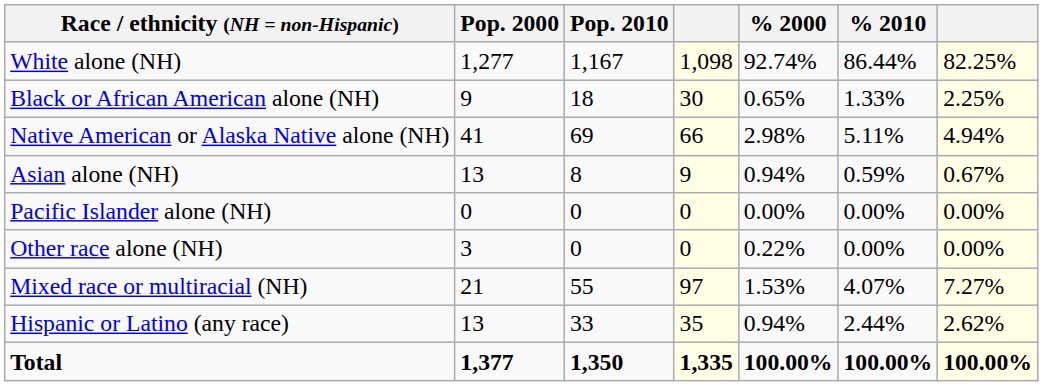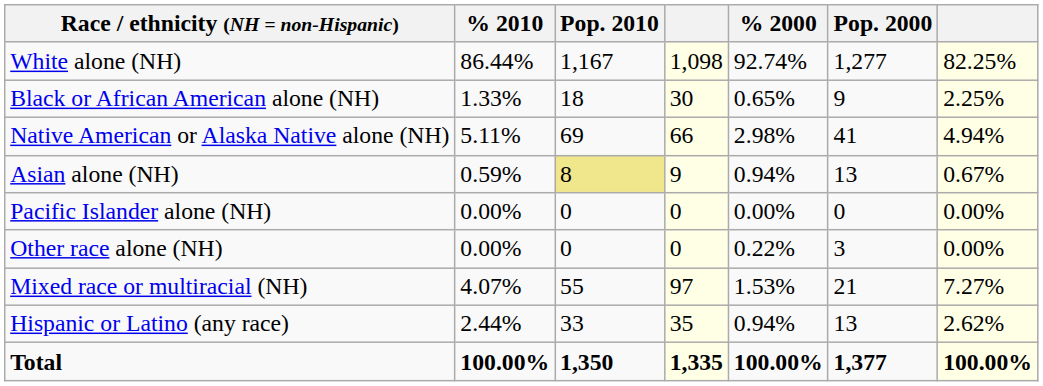 <table class="wikitable">
 <tr>
 <th>Race / ethnicity <small>(<em>NH = non-Hispanic</em>)</small></th>
-<th>Pop. 2000</th>
+<th>% 2010</th>
 <th>Pop. 2010</th>
 <th></th>
 <th>% 2000</th>
-<th>% 2010</th>
+<th>Pop. 2000</th>
 <th></th>
 </tr>
 <tr>
 <td><a href='#'>White</a> alone (NH)</td>
-<td>1,277</td>
+<td>86.44%</td>
 <td>1,167</td>
 <td style='background: #ffffe6;'>1,098</td>
 <td>92.74%</td>
-<td>86.44%</td>
+<td>1,277</td>
 <td style='background: #ffffe6;'>82.25%</td>
 </tr>
 <tr>
 <td><a href='#'>Black or African American</a> alone (NH)</td>
-<td>9</td>
+<td>1.33%</td>
 <td>18</td>
 <td style='background: #ffffe6;'>30</td>
 <td>0.65%</td>
-<td>1.33%</td>
+<td>9</td>
 <td style='background: #ffffe6;'>2.25%</td>
 </tr>
 <tr>
 <td><a href='#'>Native American</a> or <a href='#'>Alaska Native</a> alone (NH)</td>
-<td>41</td>
+<td>5.11%</td>
 <td>69</td>
 <td style='background: #ffffe6;'>66</td>
 <td>2.98%</td>
-<td>5.11%</td>
+<td>41</td>
 <td style='background: #ffffe6;'>4.94%</td>
 </tr>
 <tr>
 <td><a href='#'>Asian</a> alone (NH)</td>
-<td>13</td>
-<td>8</td>
+<td>0.59%</td>
+<td style="background: khaki;">8</td>
 <td style='background: #ffffe6;'>9</td>
 <td>0.94%</td>
-<td>0.59%</td>
+<td>13</td>
 <td style='background: #ffffe6;'>0.67%</td>
 </tr>
 <tr>
 <td><a href='#'>Pacific Islander</a> alone (NH)</td>
-<td>0</td>
+<td>0.00%</td>
 <td>0</td>
 <td style='background: #ffffe6;'>0</td>
 <td>0.00%</td>
-<td>0.00%</td>
+<td>0</td>
 <td style='background: #ffffe6;'>0.00%</td>
 </tr>
 <tr>
 <td><a href='#'>Other race</a> alone (NH)</td>
-<td>3</td>
+<td>0.00%</td>
 <td>0</td>
 <td style='background: #ffffe6;'>0</td>
 <td>0.22%</td>
-<td>0.00%</td>
+<td>3</td>
 <td style='background: #ffffe6;'>0.00%</td>
 </tr>
 <tr>
 <td><a href='#'>Mixed race or multiracial</a> (NH)</td>
-<td>21</td>
+<td>4.07%</td>
 <td>55</td>
 <td style='background: #ffffe6;'>97</td>
 <td>1.53%</td>
-<td>4.07%</td>
+<td>21</td>
 <td style='background: #ffffe6;'>7.27%</td>
 </tr>
 <tr>
 <td><a href='#'>Hispanic or Latino</a> (any race)</td>
-<td>13</td>
+<td>2.44%</td>
 <td>33</td>
 <td style='background: #ffffe6;'>35</td>
 <td>0.94%</td>
-<td>2.44%</td>
+<td>13</td>
 <td style='background: #ffffe6;'>2.62%</td>
 </tr>
 <tr>
 <td><strong>Total</strong></td>
-<td><strong>1,377</strong></td>
+<td><strong>100.00%</strong></td>
 <td><strong>1,350</strong></td>
 <td style='background: #ffffe6;'><strong>1,335</strong></td>
 <td><strong>100.00%</strong></td>
-<td><strong>100.00%</strong></td>
+<td><strong>1,377</strong></td>
 <td style='background: #ffffe6;'><strong>100.00%</strong></td>
 </tr>
 </table>
